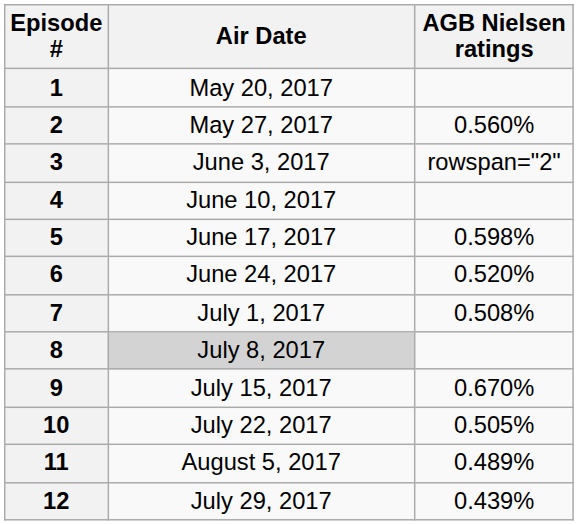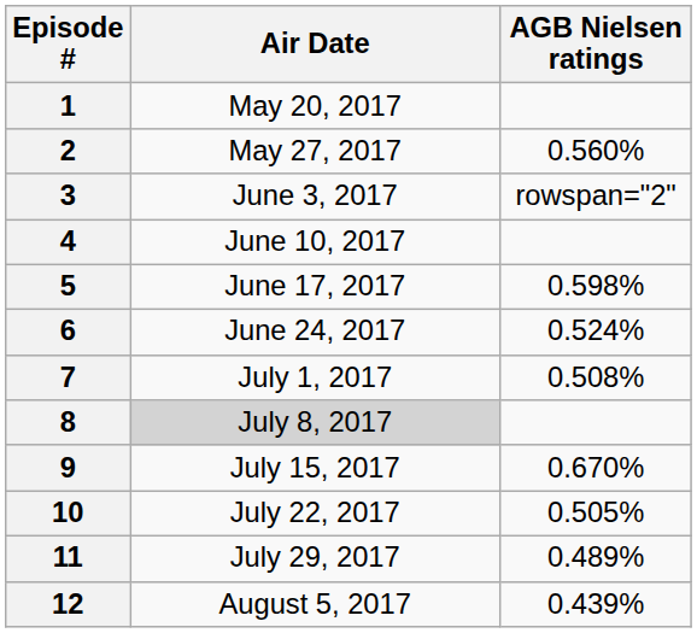 <table class="wikitable" style="text-align:center">
 <tr>
 <th width="50">Episode #</th>
 <th width="200">Air Date</th>
 <th width="100">AGB Nielsen ratings</th>
 </tr>
 <tr>
 <th>1</th>
 <td>May 20, 2017</td>
 <td></td>
 </tr>
 <tr>
 <th>2</th>
 <td>May 27, 2017</td>
 <td>0.560%</td>
 </tr>
 <tr>
 <th>3</th>
 <td>June 3, 2017</td>
 <td>rowspan="2" </td>
 </tr>
 <tr>
 <th>4</th>
 <td>June 10, 2017</td>
 </tr>
 <tr>
 <th>5</th>
 <td>June 17, 2017</td>
 <td>0.598%</td>
 </tr>
 <tr>
 <th>6</th>
 <td>June 24, 2017</td>
-<td>0.520%</td>
+<td>0.524%</td>
 </tr>
 <tr>
 <th>7</th>
 <td>July 1, 2017</td>
 <td>0.508%</td>
 </tr>
 <tr>
 <th>8</th>
 <td style="background: lightgrey;">July 8, 2017</td>
 <td></td>
 </tr>
 <tr>
 <th>9</th>
 <td>July 15, 2017</td>
 <td>0.670%</td>
 </tr>
 <tr>
 <th>10</th>
 <td>July 22, 2017</td>
 <td>0.505%</td>
 </tr>
 <tr>
 <th>11</th>
-<td>August 5, 2017</td>
+<td>July 29, 2017</td>
 <td>0.489%</td>
 </tr>
 <tr>
 <th>12</th>
-<td>July 29, 2017</td>
+<td>August 5, 2017</td>
 <td>0.439%</td>
 </tr>
 </table>
